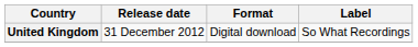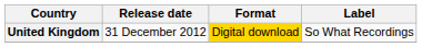 <table class="wikitable plainrowheaders">
 <tr>
 <th scope="col">Country</th>
 <th scope="col">Release date</th>
 <th scope="col">Format</th>
 <th scope="col">Label</th>
 </tr>
 <tr>
 <th scope="row">United Kingdom</th>
 <td>31 December 2012</td>
-<td>Digital download</td>
+<td style="background: gold;">Digital download</td>
 <td>So What Recordings</td>
 </tr>
 <tr>
 </tr>
 </table>
